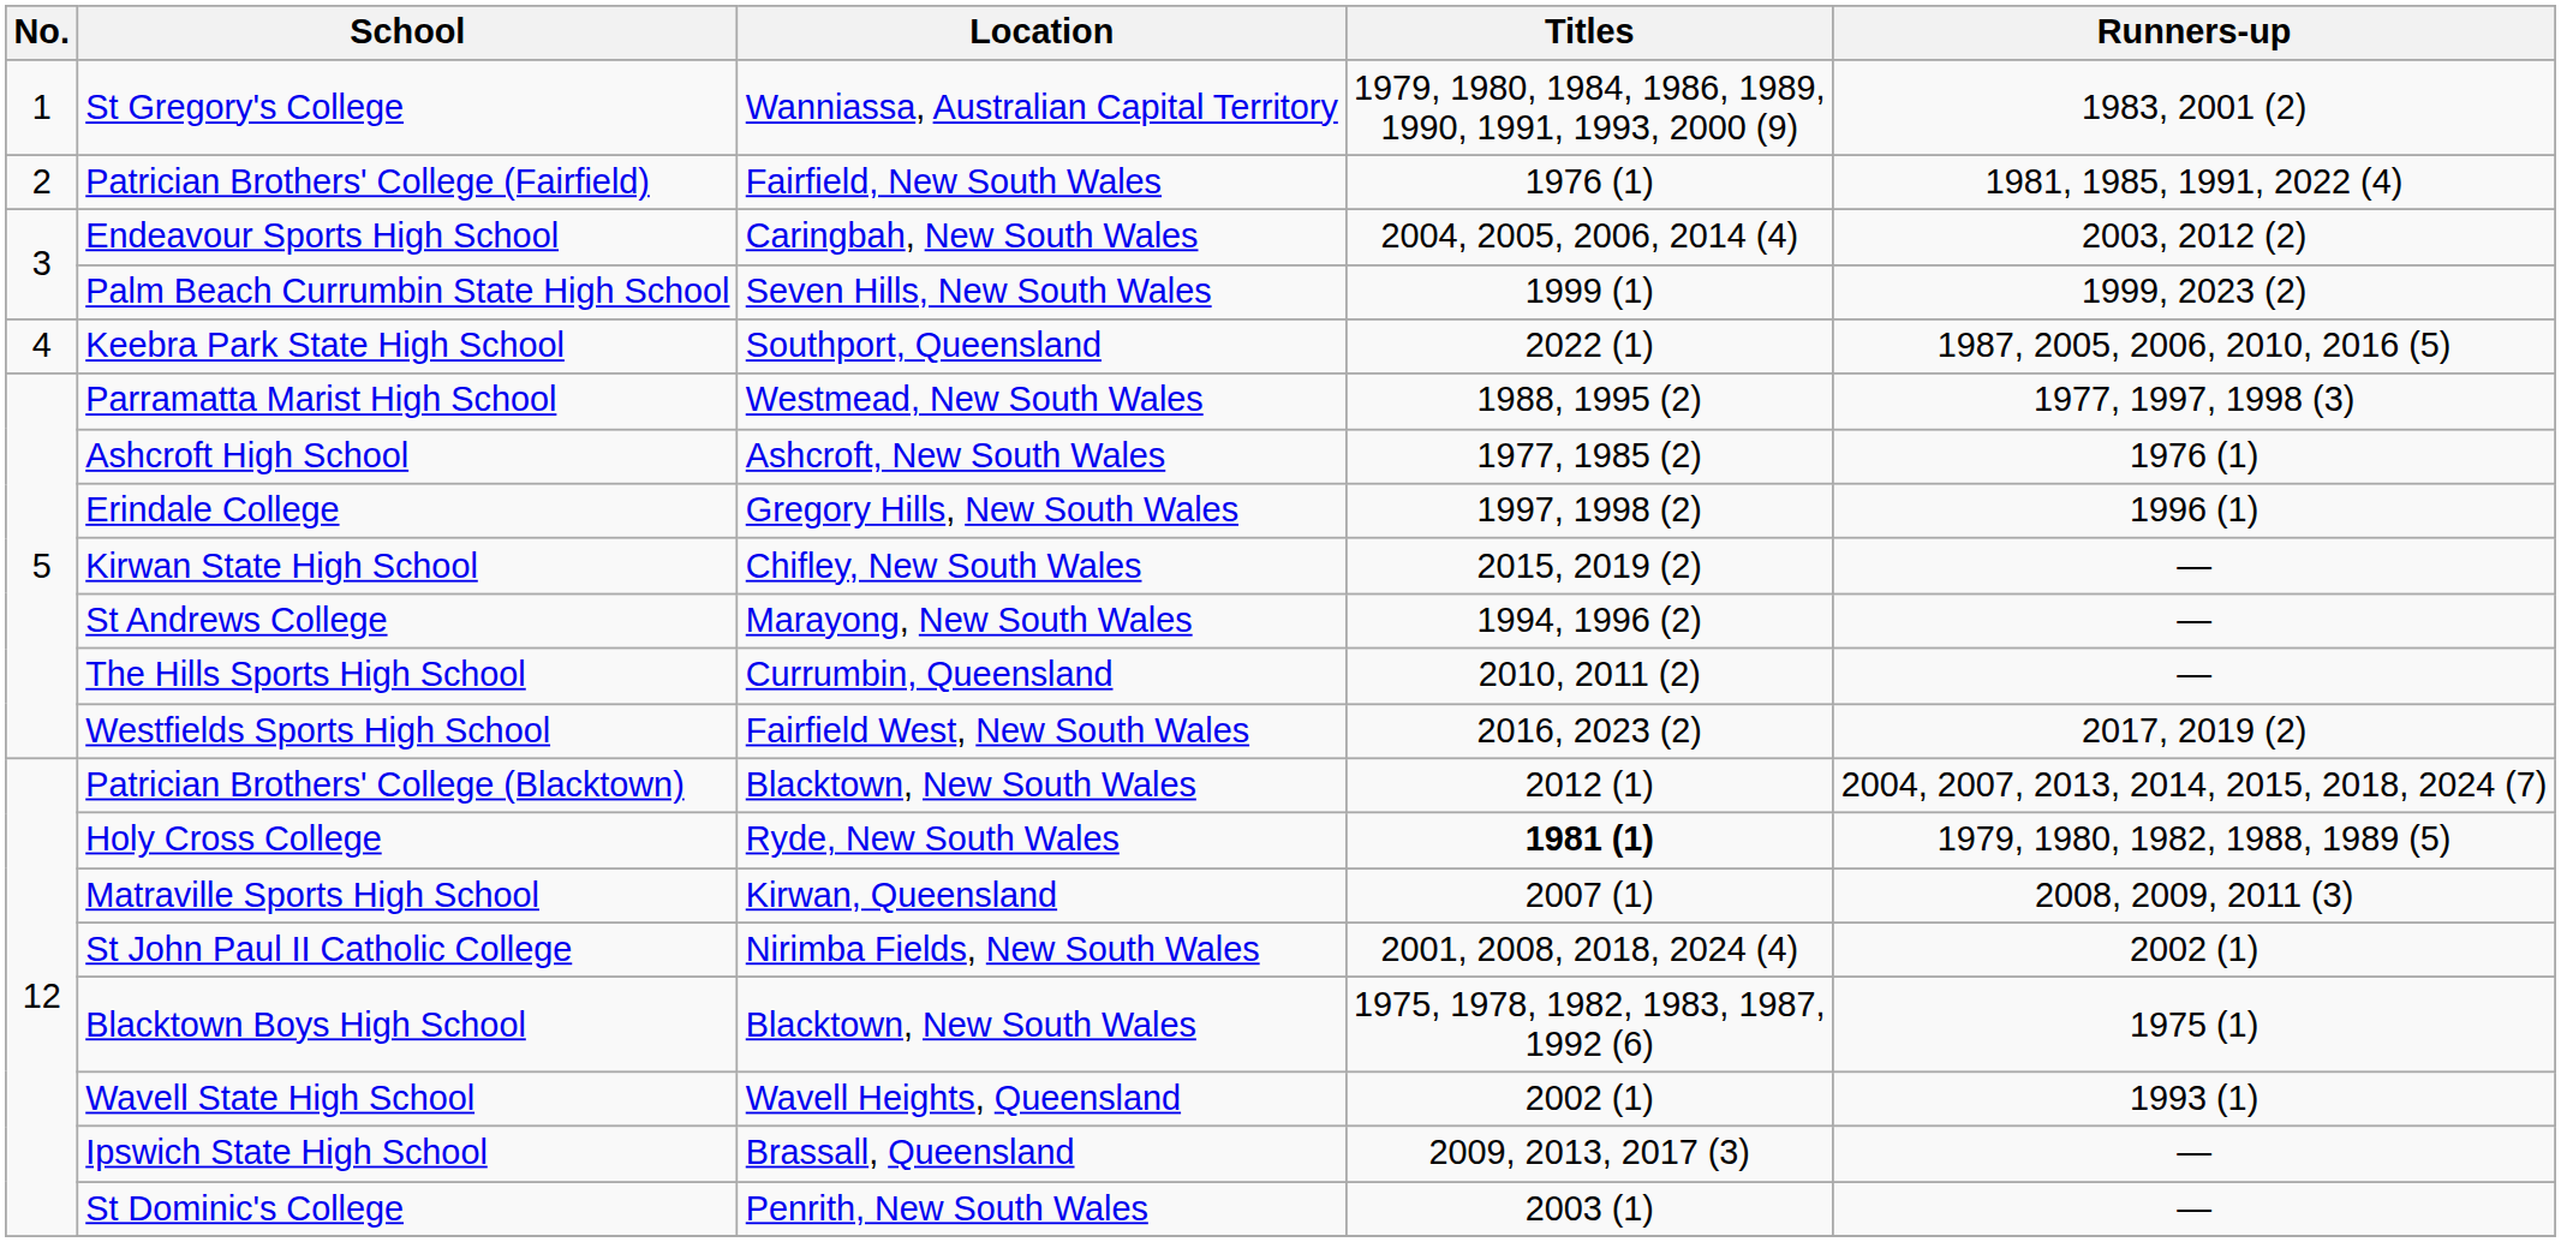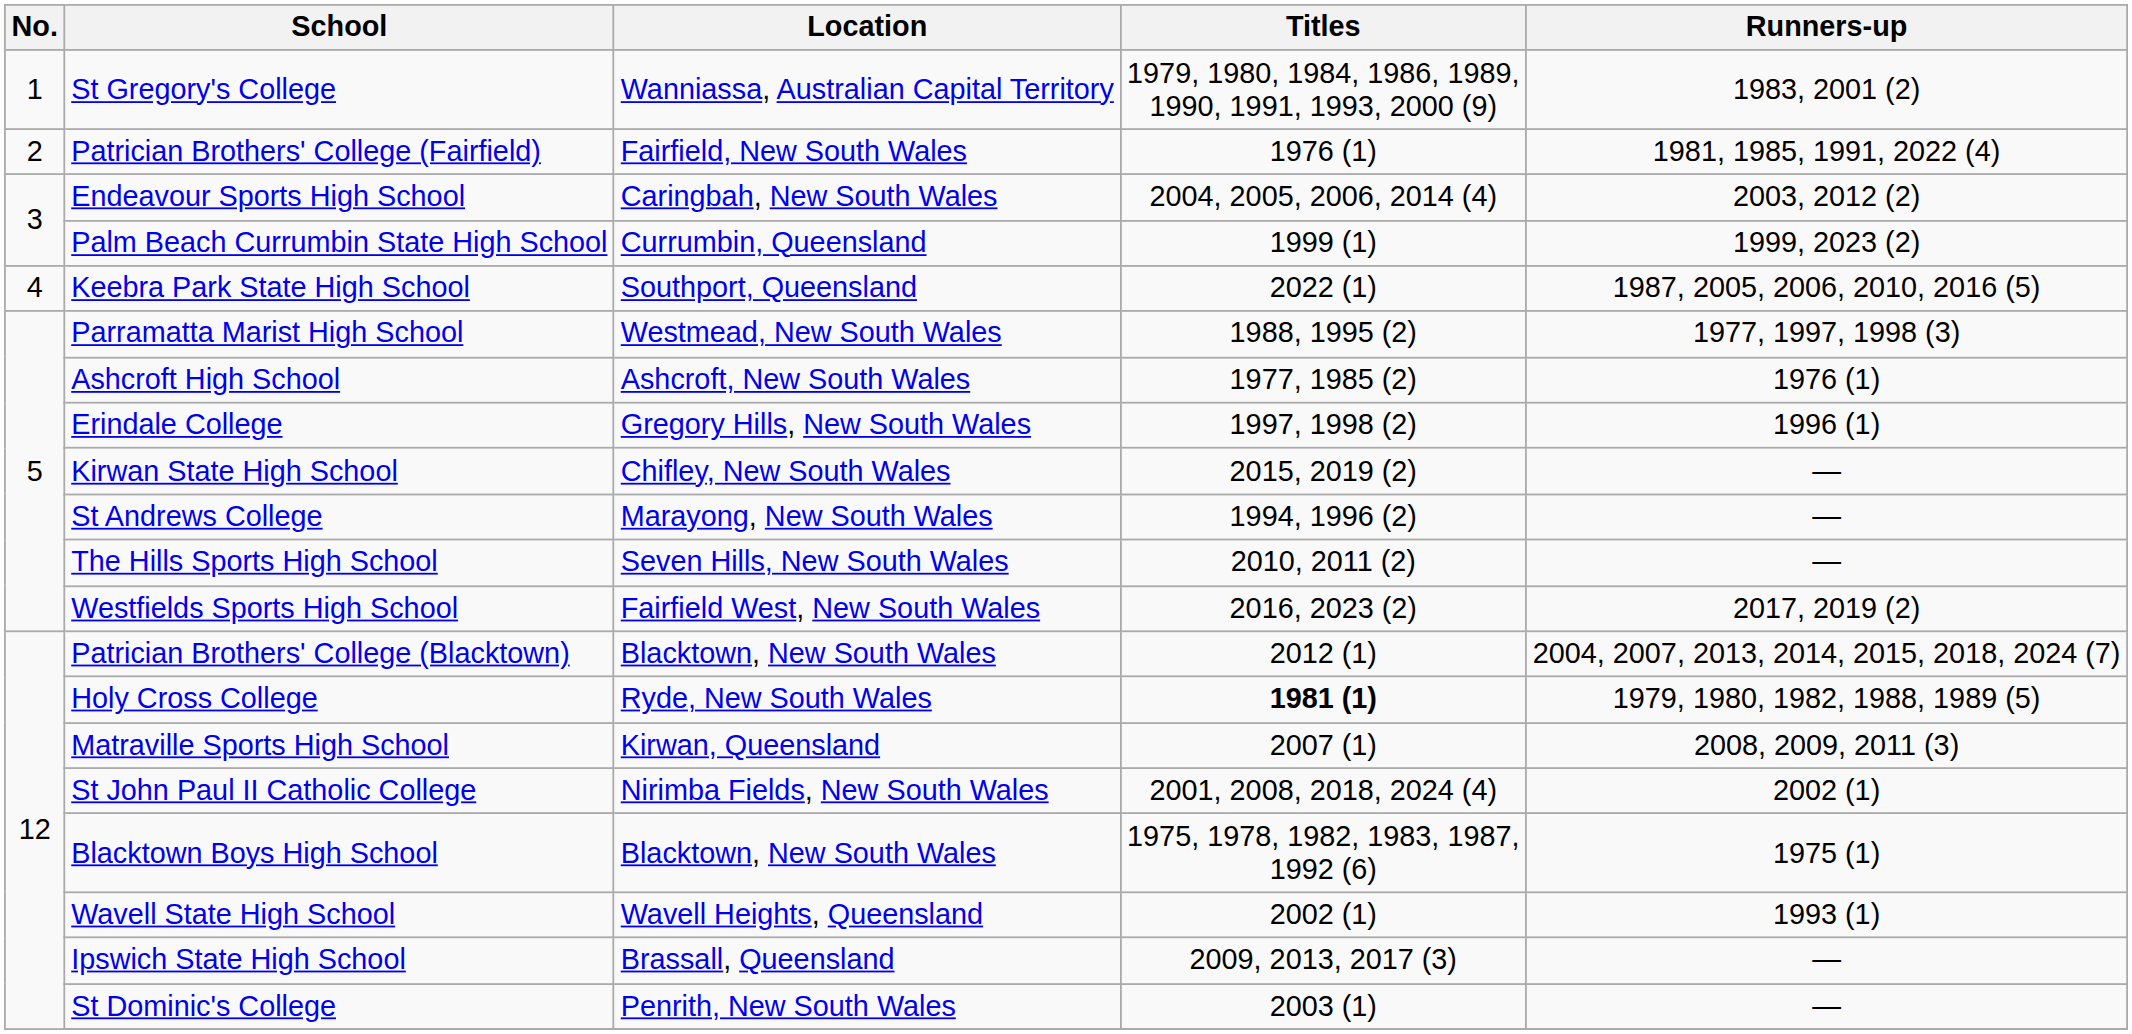 <table class="wikitable sortable">
 <tr>
 <th>No.</th>
 <th>School</th>
 <th>Location</th>
 <th>Titles</th>
 <th>Runners-up</th>
 </tr>
 <tr>
 <td align=center>1</td>
 <td><a href='#'>St Gregory's College</a></td>
 <td><a href='#'>Wanniassa</a>, <a href='#'>Australian Capital Territory</a></td>
 <td align=center>1979, 1980, 1984, 1986, 1989,<br> 1990, 1991, 1993, 2000 (9)</td>
 <td align=center>1983, 2001 (2)</td>
 </tr>
 <tr>
 <td align=center>2</td>
 <td><a href='#'>Patrician Brothers' College (Fairfield)</a></td>
 <td><a href='#'>Fairfield, New South Wales</a></td>
 <td align=center>1976 (1)</td>
 <td align=center>1981, 1985, 1991, 2022 (4)</td>
 </tr>
 <tr>
 <td rowspan="2" align="center">3</td>
 <td><a href='#'>Endeavour Sports High School</a></td>
 <td><a href='#'>Caringbah</a>, <a href='#'>New South Wales</a></td>
 <td align=center>2004, 2005, 2006, 2014 (4)</td>
 <td align=center>2003, 2012 (2)</td>
 </tr>
 <tr>
 <td><a href='#'>Palm Beach Currumbin State High School</a></td>
-<td><a href='#'>Seven Hills, New South Wales</a></td>
+<td><a href='#'>Currumbin, Queensland</a></td>
 <td align=center>1999 (1)</td>
 <td align="center">1999, 2023 (2)</td>
 </tr>
 <tr>
 <td align="center">4</td>
 <td><a href='#'>Keebra Park State High School</a></td>
 <td><a href='#'>Southport, Queensland</a></td>
 <td align=center>2022 (1)</td>
 <td align="center">1987, 2005, 2006, 2010, 2016 (5)</td>
 </tr>
 <tr>
 <td align=center rowspan=7>5</td>
 <td><a href='#'>Parramatta Marist High School</a></td>
 <td><a href='#'>Westmead, New South Wales</a></td>
 <td align=center>1988, 1995 (2)</td>
 <td align=center>1977, 1997, 1998 (3)</td>
 </tr>
 <tr>
 <td><a href='#'>Ashcroft High School</a></td>
 <td><a href='#'>Ashcroft, New South Wales</a></td>
 <td align=center>1977, 1985 (2)</td>
 <td align=center>1976 (1)</td>
 </tr>
 <tr>
 <td><a href='#'>Erindale College</a></td>
 <td><a href='#'>Gregory Hills</a>, <a href='#'>New South Wales</a></td>
 <td align=center>1997, 1998 (2)</td>
 <td align=center>1996 (1)</td>
 </tr>
 <tr>
 <td><a href='#'>Kirwan State High School</a></td>
 <td><a href='#'>Chifley, New South Wales</a></td>
 <td align=center>2015, 2019 (2)</td>
 <td align=center>—</td>
 </tr>
 <tr>
 <td><a href='#'>St Andrews College</a></td>
 <td><a href='#'>Marayong</a>, <a href='#'>New South Wales</a></td>
 <td align=center>1994, 1996 (2)</td>
 <td align=center>—</td>
 </tr>
 <tr>
 <td><a href='#'>The Hills Sports High School</a></td>
-<td><a href='#'>Currumbin, Queensland</a></td>
+<td><a href='#'>Seven Hills, New South Wales</a></td>
 <td align=center>2010, 2011 (2)</td>
 <td align=center>—</td>
 </tr>
 <tr>
 <td><a href='#'>Westfields Sports High School</a></td>
 <td><a href='#'>Fairfield West</a>, <a href='#'>New South Wales</a></td>
 <td align=center>2016, 2023 (2)</td>
 <td align=center>2017, 2019 (2)</td>
 </tr>
 <tr>
 <td align=center rowspan=9>12</td>
 <td><a href='#'>Patrician Brothers' College (Blacktown)</a></td>
 <td><a href='#'>Blacktown</a>, <a href='#'>New South Wales</a></td>
 <td align=center>2012 (1)</td>
 <td align=center>2004, 2007, 2013, 2014, 2015, 2018, 2024 (7)</td>
 </tr>
 <tr>
 <td><a href='#'>Holy Cross College</a></td>
 <td><a href='#'>Ryde, New South Wales</a></td>
 <td align=center><strong>1981 (1)</strong></td>
 <td align=center>1979, 1980, 1982, 1988, 1989 (5)</td>
 </tr>
 <tr>
 <td><a href='#'>Matraville Sports High School</a></td>
 <td><a href='#'>Kirwan, Queensland</a></td>
 <td align=center>2007 (1)</td>
 <td align=center>2008, 2009, 2011 (3)</td>
 </tr>
 <tr>
 <td><a href='#'>St John Paul II Catholic College</a></td>
 <td><a href='#'>Nirimba Fields</a>, <a href='#'>New South Wales</a></td>
 <td align="center">2001, 2008, 2018, 2024 (4)</td>
 <td align=center>2002 (1)</td>
 </tr>
 <tr>
 <td><a href='#'>Blacktown Boys High School</a></td>
 <td><a href='#'>Blacktown</a>, <a href='#'>New South Wales</a></td>
 <td align=center>1975, 1978, 1982, 1983, 1987,<br> 1992 (6)</td>
 <td align=center>1975 (1)</td>
 </tr>
 <tr>
 <td><a href='#'>Wavell State High School</a></td>
 <td><a href='#'>Wavell Heights</a>, <a href='#'>Queensland</a></td>
 <td align=center>2002 (1)</td>
 <td align=center>1993 (1)</td>
 </tr>
 <tr>
 <td><a href='#'>Ipswich State High School</a></td>
 <td><a href='#'>Brassall</a>, <a href='#'>Queensland</a></td>
 <td align="center">2009, 2013, 2017 (3)</td>
 <td align=center>—</td>
 </tr>
 <tr>
 <td><a href='#'>St Dominic's College</a></td>
 <td><a href='#'>Penrith, New South Wales</a></td>
 <td align=center>2003 (1)</td>
 <td align=center>—</td>
 </tr>
 <tr class="sortbottom">
 </tr>
 </table>
